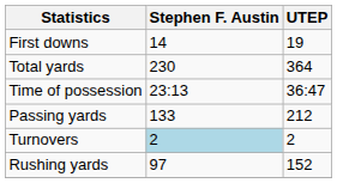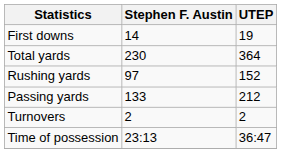 <table class="wikitable">
 <tr>
 <th>Statistics</th>
 <th>Stephen F. Austin</th>
 <th>UTEP</th>
 </tr>
 <tr>
 <td>First downs</td>
 <td>14</td>
 <td>19</td>
 </tr>
 <tr>
 <td>Total yards</td>
 <td>230</td>
 <td>364</td>
 </tr>
 <tr>
-<td>Time of possession</td>
-<td>23:13</td>
-<td>36:47</td>
+<td>Rushing yards</td>
+<td>97</td>
+<td>152</td>
 </tr>
 <tr>
 <td>Passing yards</td>
 <td>133</td>
 <td>212</td>
 </tr>
 <tr>
 <td>Turnovers</td>
-<td style="background: lightblue;">2</td>
+<td>2</td>
 <td>2</td>
 </tr>
 <tr>
-<td>Rushing yards</td>
-<td>97</td>
-<td>152</td>
+<td>Time of possession</td>
+<td>23:13</td>
+<td>36:47</td>
 </tr>
 <tr>
 </tr>
 </table>
